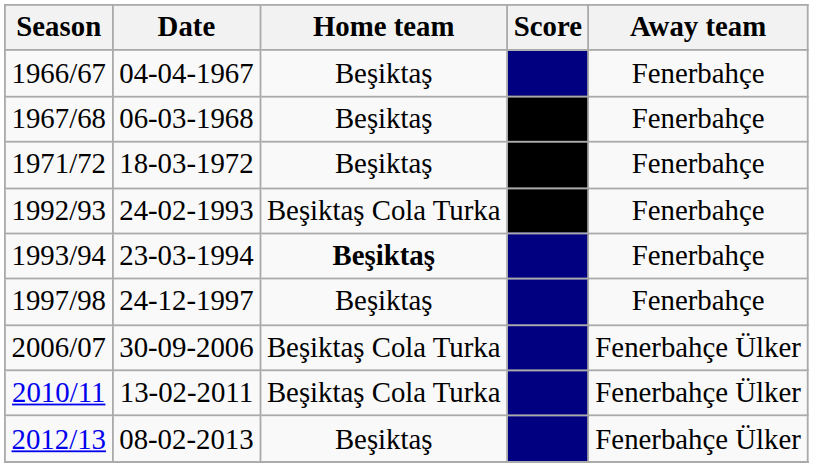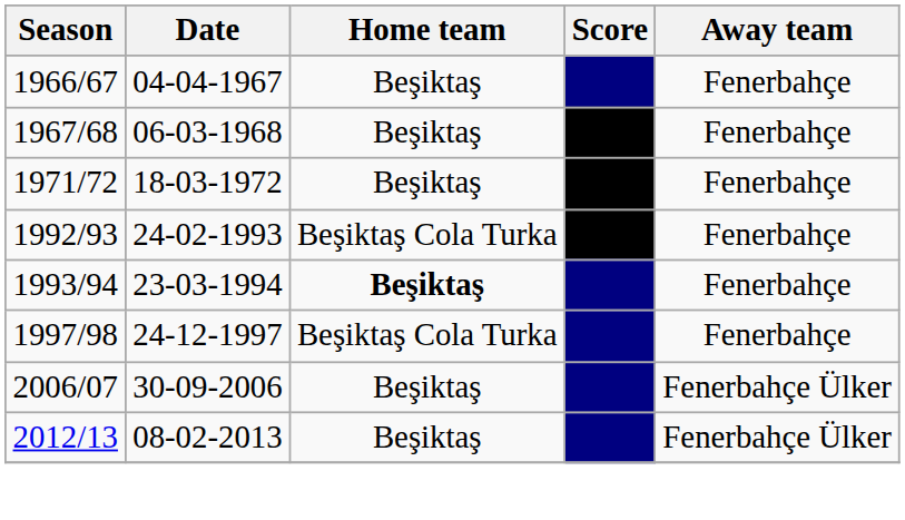 <table class="wikitable" style="text-align: center;">
 <tr>
 <th>Season</th>
 <th>Date</th>
 <th>Home team</th>
 <th>Score</th>
 <th>Away team</th>
 </tr>
 <tr>
 <td>1966/67</td>
 <td>04-04-1967</td>
 <td>Beşiktaş</td>
 <td bgcolor=navy></td>
 <td>Fenerbahçe</td>
 </tr>
 <tr>
 <td>1967/68</td>
 <td>06-03-1968</td>
 <td>Beşiktaş</td>
 <td bgcolor=black></td>
 <td>Fenerbahçe</td>
 </tr>
 <tr>
 <td>1971/72</td>
 <td>18-03-1972</td>
 <td>Beşiktaş</td>
 <td bgcolor=black></td>
 <td>Fenerbahçe</td>
 </tr>
 <tr>
 <td>1992/93</td>
 <td>24-02-1993</td>
 <td>Beşiktaş Cola Turka</td>
 <td bgcolor=black></td>
 <td>Fenerbahçe</td>
 </tr>
 <tr>
 <td>1993/94</td>
 <td>23-03-1994</td>
 <td><strong>Beşiktaş</strong></td>
 <td bgcolor=navy></td>
 <td>Fenerbahçe</td>
 </tr>
 <tr>
 <td>1997/98</td>
 <td>24-12-1997</td>
-<td>Beşiktaş</td>
+<td>Beşiktaş Cola Turka</td>
 <td bgcolor=navy></td>
 <td>Fenerbahçe</td>
 </tr>
 <tr>
 <td>2006/07</td>
 <td>30-09-2006</td>
-<td>Beşiktaş Cola Turka</td>
-<td bgcolor=navy></td>
-<td>Fenerbahçe Ülker</td>
-</tr>
-<tr>
-<td><a href='#'>2010/11</a></td>
-<td>13-02-2011</td>
-<td>Beşiktaş Cola Turka</td>
+<td>Beşiktaş</td>
 <td bgcolor=navy></td>
 <td>Fenerbahçe Ülker</td>
 </tr>
 <tr>
 <td><a href='#'>2012/13</a></td>
 <td>08-02-2013</td>
 <td>Beşiktaş</td>
 <td bgcolor=navy></td>
 <td>Fenerbahçe Ülker</td>
 </tr>
 <tr>
 </tr>
 </table>
